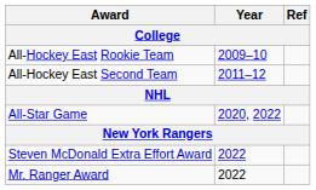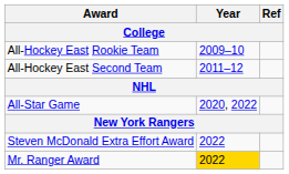 <table class="wikitable">
 <tr>
 <th>Award</th>
 <th>Year</th>
 <th>Ref</th>
 </tr>
 <tr>
 <th colspan="3"><a href='#'>College</a></th>
 </tr>
 <tr>
 <td>All-<a href='#'>Hockey East</a> <a href='#'>Rookie Team</a></td>
 <td><a href='#'>2009–10</a></td>
 <td></td>
 </tr>
 <tr>
 <td>All-Hockey East <a href='#'>Second Team</a></td>
 <td><a href='#'>2011–12</a></td>
 <td></td>
 </tr>
 <tr>
 <th colspan="3"><a href='#'>NHL</a></th>
 </tr>
 <tr>
 <td><a href='#'>All-Star Game</a></td>
 <td><a href='#'>2020</a>, <a href='#'>2022</a></td>
 <td></td>
 </tr>
 <tr>
 <th colspan="3"><a href='#'>New York Rangers</a></th>
 </tr>
 <tr>
 <td><a href='#'>Steven McDonald Extra Effort Award</a></td>
 <td><a href='#'>2022</a></td>
 <td></td>
 </tr>
 <tr>
 <td><a href='#'>Mr. Ranger Award</a></td>
-<td>2022</td>
+<td style="background: gold;">2022</td>
 <td></td>
 </tr>
 </table>
